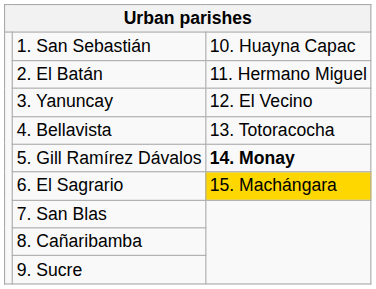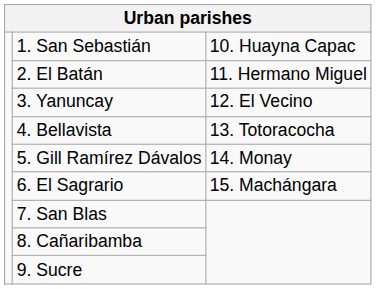 <table class="wikitable" style="margin: left">
 <tr>
 <th colspan="3">Urban parishes</th>
 </tr>
 <tr>
 <td rowspan="9"></td>
 <td>1. San Sebastián</td>
 <td>10. Huayna Capac</td>
 </tr>
 <tr>
 <td>2. El Batán</td>
 <td>11. Hermano Miguel</td>
 </tr>
 <tr>
 <td>3. Yanuncay</td>
 <td>12. El Vecino</td>
 </tr>
 <tr>
 <td>4. Bellavista</td>
 <td>13. Totoracocha</td>
 </tr>
 <tr>
 <td>5. Gill Ramírez Dávalos</td>
-<td><strong>14. Monay</strong></td>
+<td>14. Monay</td>
 </tr>
 <tr>
 <td>6. El Sagrario</td>
-<td style="background: gold;">15. Machángara</td>
+<td>15. Machángara</td>
 </tr>
 <tr>
 <td>7. San Blas</td>
 <td rowspan="3"></td>
 </tr>
 <tr>
 <td>8. Cañaribamba</td>
 </tr>
 <tr>
 <td>9. Sucre</td>
 </tr>
 </table>
